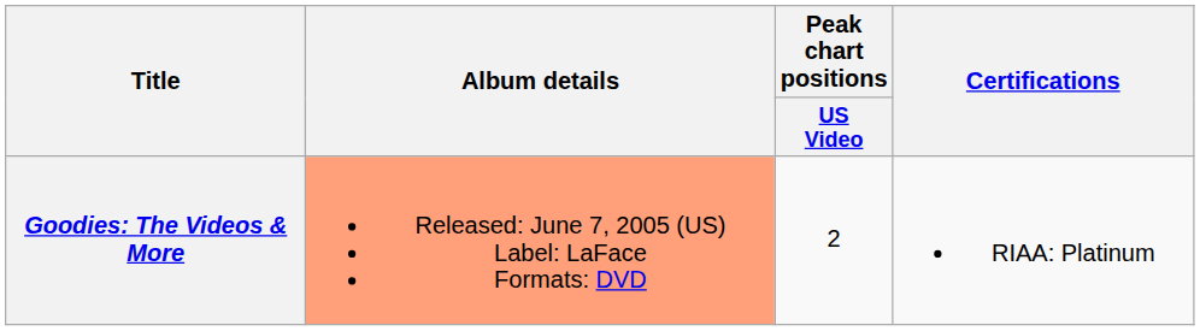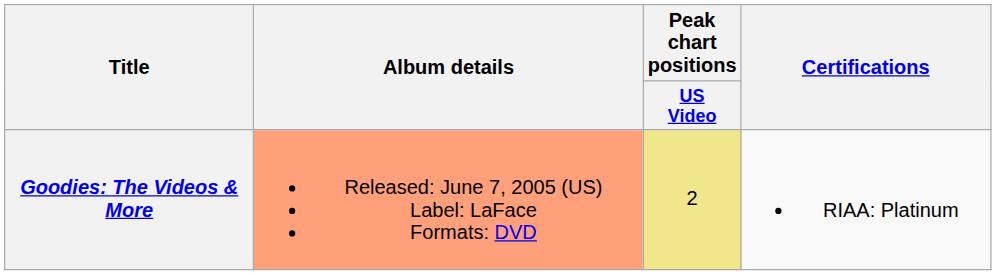 <table class="wikitable plainrowheaders" style="text-align:center;">
 <tr>
 <th scope="col" rowspan="2" style="width:12em;">Title</th>
 <th scope="col" rowspan="2" style="width:19em;">Album details</th>
 <th scope="col" colspan="1">Peak chart positions</th>
 <th scope="col" rowspan="2" style="width:12em;"><a href='#'>Certifications</a></th>
 </tr>
 <tr>
 <th scope="col" style="width:3em;font-size:90%"><a href='#'>US<br>Video</a><br></th>
 </tr>
 <tr>
 <th scope="row"><em><a href='#'>Goodies: The Videos & More</a></em></th>
 <td style="background: lightsalmon;"><br><ul><li>Released: June 7, 2005 (US)</li><li>Label: LaFace</li><li>Formats: <a href='#'>DVD</a></li></ul></td>
-<td>2</td>
+<td style="background: khaki;">2</td>
 <td><br><ul><li>RIAA: Platinum</li></ul></td>
 </tr>
 </table>
